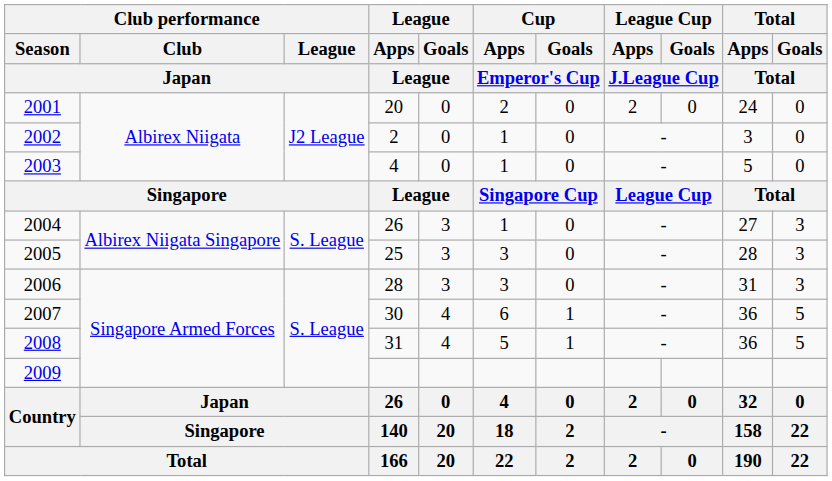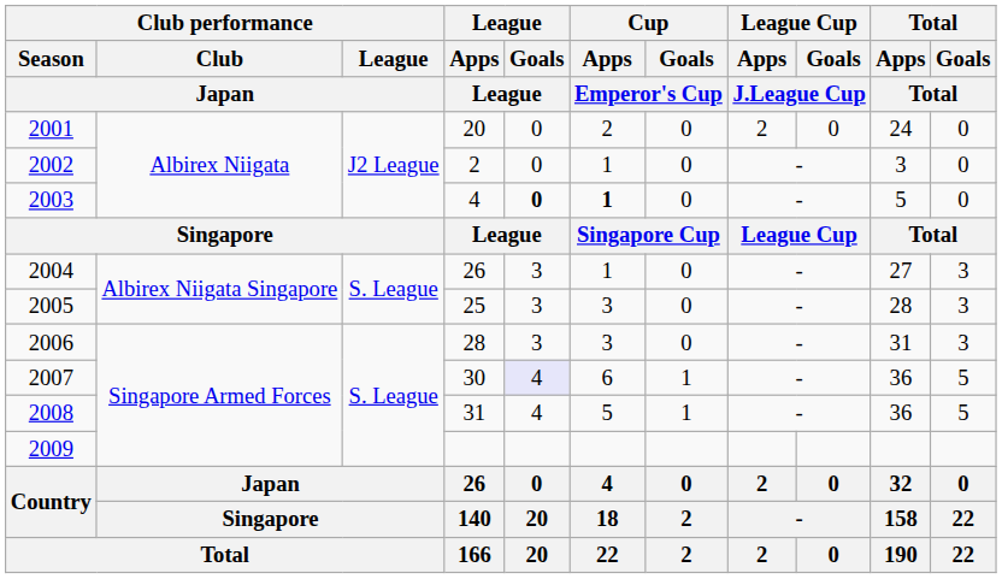 <table class="wikitable" style="text-align:center;">
 <tr>
 <th colspan=3>Club performance</th>
 <th colspan=2>League</th>
 <th colspan=2>Cup</th>
 <th colspan=2>League Cup</th>
 <th colspan=2>Total</th>
 </tr>
 <tr>
 <th>Season</th>
 <th>Club</th>
 <th>League</th>
 <th>Apps</th>
 <th>Goals</th>
 <th>Apps</th>
 <th>Goals</th>
 <th>Apps</th>
 <th>Goals</th>
 <th>Apps</th>
 <th>Goals</th>
 </tr>
 <tr>
 <th colspan=3>Japan</th>
 <th colspan=2>League</th>
 <th colspan=2><a href='#'>Emperor's Cup</a></th>
 <th colspan=2><a href='#'>J.League Cup</a></th>
 <th colspan=2>Total</th>
 </tr>
 <tr>
 <td><a href='#'>2001</a></td>
 <td rowspan="3"><a href='#'>Albirex Niigata</a></td>
 <td rowspan="3"><a href='#'>J2 League</a></td>
 <td>20</td>
 <td>0</td>
 <td>2</td>
 <td>0</td>
 <td>2</td>
 <td>0</td>
 <td>24</td>
 <td>0</td>
 </tr>
 <tr>
 <td><a href='#'>2002</a></td>
 <td>2</td>
 <td>0</td>
 <td>1</td>
 <td>0</td>
 <td colspan="2">-</td>
 <td>3</td>
 <td>0</td>
 </tr>
 <tr>
 <td><a href='#'>2003</a></td>
 <td>4</td>
-<td>0</td>
-<td>1</td>
+<td><strong>0</strong></td>
+<td><strong>1</strong></td>
 <td>0</td>
 <td colspan="2">-</td>
 <td>5</td>
 <td>0</td>
 </tr>
 <tr>
 <th colspan=3>Singapore</th>
 <th colspan=2>League</th>
 <th colspan=2><a href='#'>Singapore Cup</a></th>
 <th colspan=2><a href='#'>League Cup</a></th>
 <th colspan=2>Total</th>
 </tr>
 <tr>
 <td>2004</td>
 <td rowspan="2"><a href='#'>Albirex Niigata Singapore</a></td>
 <td rowspan="2"><a href='#'>S. League</a></td>
 <td>26</td>
 <td>3</td>
 <td>1</td>
 <td>0</td>
 <td colspan="2">-</td>
 <td>27</td>
 <td>3</td>
 </tr>
 <tr>
 <td>2005</td>
 <td>25</td>
 <td>3</td>
 <td>3</td>
 <td>0</td>
 <td colspan="2">-</td>
 <td>28</td>
 <td>3</td>
 </tr>
 <tr>
 <td>2006</td>
 <td rowspan="4"><a href='#'>Singapore Armed Forces</a></td>
 <td rowspan="4"><a href='#'>S. League</a></td>
 <td>28</td>
 <td>3</td>
 <td>3</td>
 <td>0</td>
 <td colspan="2">-</td>
 <td>31</td>
 <td>3</td>
 </tr>
 <tr>
 <td>2007</td>
 <td>30</td>
-<td>4</td>
+<td style="background: lavender;">4</td>
 <td>6</td>
 <td>1</td>
 <td colspan="2">-</td>
 <td>36</td>
 <td>5</td>
 </tr>
 <tr>
 <td><a href='#'>2008</a></td>
 <td>31</td>
 <td>4</td>
 <td>5</td>
 <td>1</td>
 <td colspan="2">-</td>
 <td>36</td>
 <td>5</td>
 </tr>
 <tr>
 <td><a href='#'>2009</a></td>
 <td></td>
 <td></td>
 <td></td>
 <td></td>
 <td></td>
 <td></td>
 <td></td>
 </tr>
 <tr>
 <th rowspan=2>Country</th>
 <th colspan=2>Japan</th>
 <th>26</th>
 <th>0</th>
 <th>4</th>
 <th>0</th>
 <th>2</th>
 <th>0</th>
 <th>32</th>
 <th>0</th>
 </tr>
 <tr>
 <th colspan=2>Singapore</th>
 <th>140</th>
 <th>20</th>
 <th>18</th>
 <th>2</th>
 <th colspan="2">-</th>
 <th>158</th>
 <th>22</th>
 </tr>
 <tr>
 <th colspan=3>Total</th>
 <th>166</th>
 <th>20</th>
 <th>22</th>
 <th>2</th>
 <th>2</th>
 <th>0</th>
 <th>190</th>
 <th>22</th>
 </tr>
 </table>
